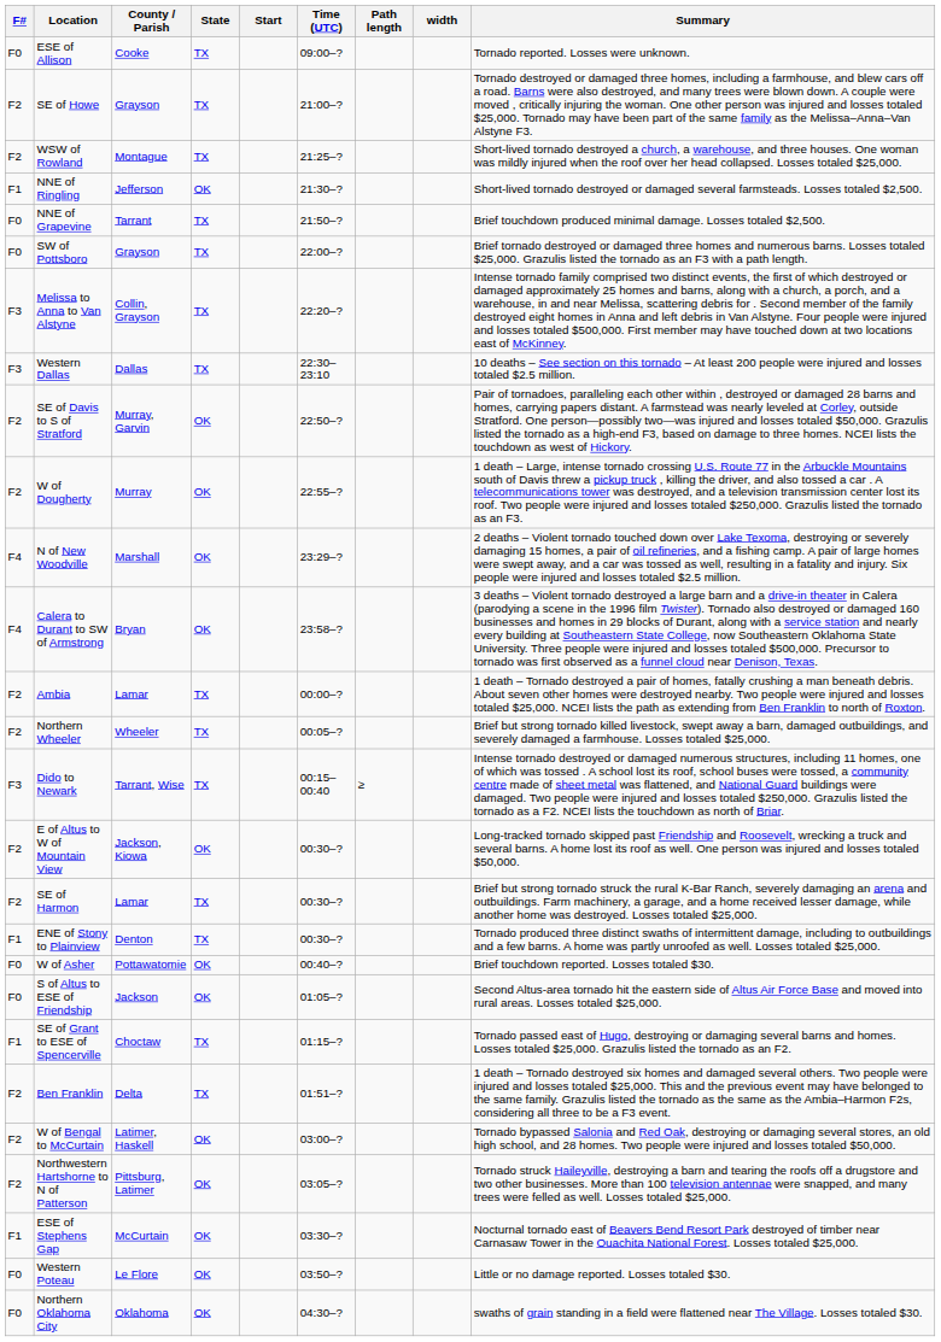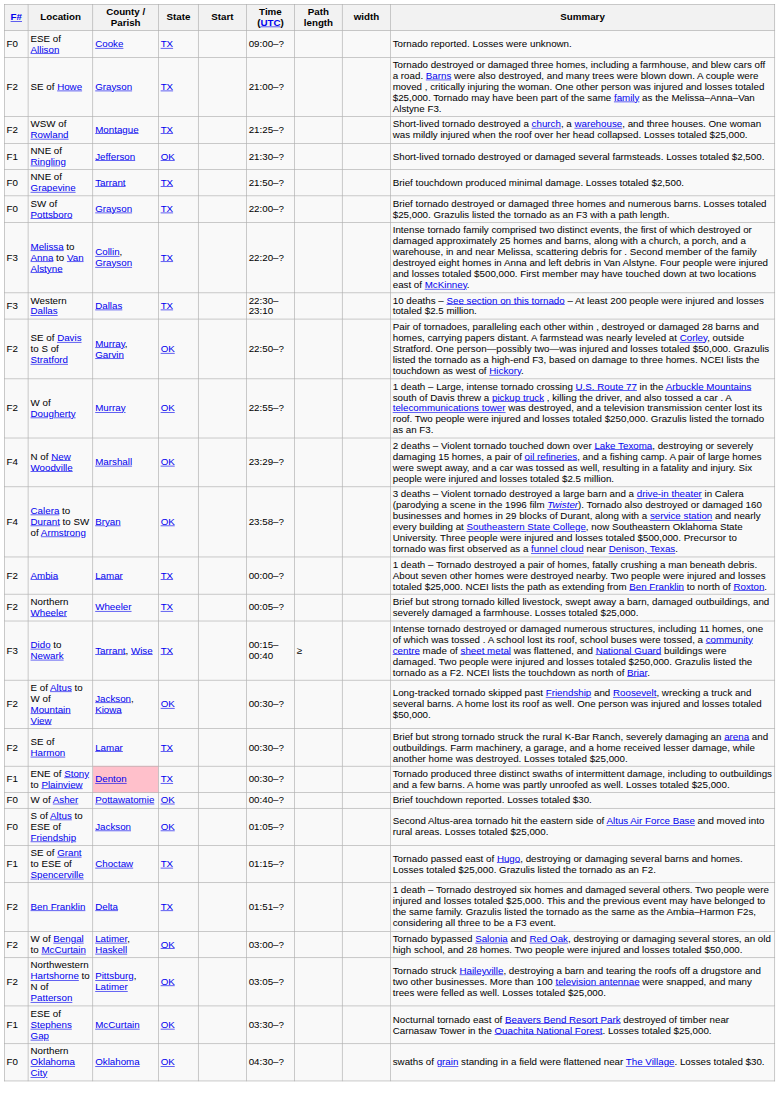 <table class="wikitable sortable" style="width:100%;">
 <tr>
 <th scope="col"  style="width:3%; text-align:center;"><a href='#'>F#</a></th>
 <th scope="col"  style="width:7%; text-align:center;" class="unsortable">Location</th>
 <th scope="col"  style="width:6%; text-align:center;" class="unsortable">County / Parish</th>
 <th scope="col"  style="width:5%; text-align:center;">State</th>
 <th scope="col"  style="width:6%; text-align:center;">Start<br></th>
 <th scope="col"  style="width:6%; text-align:center;">Time (<a href='#'>UTC</a>)</th>
 <th scope="col"  style="width:6%; text-align:center;">Path length</th>
 <th scope="col"  style="width:6%; text-align:center;"> width</th>
 <th scope="col" class="unsortable" style="width:48%; text-align:center;">Summary</th>
 </tr>
 <tr>
 <td>F0</td>
 <td>ESE of <a href='#'>Allison</a></td>
 <td><a href='#'>Cooke</a></td>
 <td><a href='#'>TX</a></td>
 <td></td>
 <td>09:00–?</td>
 <td></td>
 <td></td>
 <td>Tornado reported. Losses were unknown.</td>
 </tr>
 <tr>
 <td>F2</td>
 <td>SE of <a href='#'>Howe</a></td>
 <td><a href='#'>Grayson</a></td>
 <td><a href='#'>TX</a></td>
 <td></td>
 <td>21:00–?</td>
 <td></td>
 <td></td>
 <td>Tornado destroyed or damaged three homes, including a farmhouse, and blew cars off a road. <a href='#'>Barns</a> were also destroyed, and many trees were blown down. A couple were moved , critically injuring the woman. One other person was injured and losses totaled $25,000. Tornado may have been part of the same <a href='#'>family</a> as the Melissa–Anna–Van Alstyne F3.</td>
 </tr>
 <tr>
 <td>F2</td>
 <td>WSW of <a href='#'>Rowland</a></td>
 <td><a href='#'>Montague</a></td>
 <td><a href='#'>TX</a></td>
 <td></td>
 <td>21:25–?</td>
 <td></td>
 <td></td>
 <td>Short-lived tornado destroyed a <a href='#'>church</a>, a <a href='#'>warehouse</a>, and three houses. One woman was mildly injured when the roof over her head collapsed. Losses totaled $25,000.</td>
 </tr>
 <tr>
 <td>F1</td>
 <td>NNE of <a href='#'>Ringling</a></td>
 <td><a href='#'>Jefferson</a></td>
 <td><a href='#'>OK</a></td>
 <td></td>
 <td>21:30–?</td>
 <td></td>
 <td></td>
 <td>Short-lived tornado destroyed or damaged several farmsteads. Losses totaled $2,500.</td>
 </tr>
 <tr>
 <td>F0</td>
 <td>NNE of <a href='#'>Grapevine</a></td>
 <td><a href='#'>Tarrant</a></td>
 <td><a href='#'>TX</a></td>
 <td></td>
 <td>21:50–?</td>
 <td></td>
 <td></td>
 <td>Brief touchdown produced minimal damage. Losses totaled $2,500.</td>
 </tr>
 <tr>
 <td>F0</td>
 <td>SW of <a href='#'>Pottsboro</a></td>
 <td><a href='#'>Grayson</a></td>
 <td><a href='#'>TX</a></td>
 <td></td>
 <td>22:00–?</td>
 <td></td>
 <td></td>
 <td>Brief tornado destroyed or damaged three homes and numerous barns. Losses totaled $25,000. Grazulis listed the tornado as an F3 with a  path length.</td>
 </tr>
 <tr>
 <td>F3</td>
 <td><a href='#'>Melissa</a> to <a href='#'>Anna</a> to <a href='#'>Van Alstyne</a></td>
 <td><a href='#'>Collin</a>, <a href='#'>Grayson</a></td>
 <td><a href='#'>TX</a></td>
 <td></td>
 <td>22:20–?</td>
 <td></td>
 <td></td>
 <td>Intense tornado family comprised two distinct events, the first of which destroyed or damaged approximately 25 homes and barns, along with a church, a porch, and a warehouse, in and near Melissa, scattering debris for . Second member of the family destroyed eight homes in Anna and left debris in Van Alstyne. Four people were injured and losses totaled $500,000. First member may have touched down at two locations east of <a href='#'>McKinney</a>.</td>
 </tr>
 <tr>
 <td>F3</td>
 <td>Western <a href='#'>Dallas</a></td>
 <td><a href='#'>Dallas</a></td>
 <td><a href='#'>TX</a></td>
 <td></td>
 <td>22:30–23:10</td>
 <td></td>
 <td></td>
 <td>10 deaths – <a href='#'>See section on this tornado</a> – At least 200 people were injured and losses totaled $2.5 million.</td>
 </tr>
 <tr>
 <td>F2</td>
 <td>SE of <a href='#'>Davis</a> to S of <a href='#'>Stratford</a></td>
 <td><a href='#'>Murray</a>, <a href='#'>Garvin</a></td>
 <td><a href='#'>OK</a></td>
 <td></td>
 <td>22:50–?</td>
 <td></td>
 <td></td>
 <td>Pair of tornadoes, paralleling each other within , destroyed or damaged 28 barns and homes, carrying papers  distant. A farmstead was nearly leveled at <a href='#'>Corley</a>,  outside Stratford. One person—possibly two—was injured and losses totaled $50,000. Grazulis listed the tornado as a high-end F3, based on damage to three homes. NCEI lists the touchdown as west of <a href='#'>Hickory</a>.</td>
 </tr>
 <tr>
 <td>F2</td>
 <td>W of <a href='#'>Dougherty</a></td>
 <td><a href='#'>Murray</a></td>
 <td><a href='#'>OK</a></td>
 <td></td>
 <td>22:55–?</td>
 <td></td>
 <td></td>
 <td>1 death – Large, intense tornado crossing <a href='#'>U.S. Route 77</a> in the <a href='#'>Arbuckle Mountains</a> south of Davis threw a <a href='#'>pickup truck</a> , killing the driver, and also tossed a car . A  <a href='#'>telecommunications tower</a> was destroyed, and a television transmission center lost its roof. Two people were injured and losses totaled $250,000. Grazulis listed the tornado as an F3.</td>
 </tr>
 <tr>
 <td>F4</td>
 <td>N of <a href='#'>New Woodville</a></td>
 <td><a href='#'>Marshall</a></td>
 <td><a href='#'>OK</a></td>
 <td></td>
 <td>23:29–?</td>
 <td></td>
 <td></td>
 <td>2 deaths – Violent tornado touched down over <a href='#'>Lake Texoma</a>, destroying or severely damaging 15 homes, a pair of <a href='#'>oil refineries</a>, and a fishing camp. A pair of large homes were swept away, and a car was tossed  as well, resulting in a fatality and injury. Six people were injured and losses totaled $2.5 million.</td>
 </tr>
 <tr>
 <td>F4</td>
 <td><a href='#'>Calera</a> to <a href='#'>Durant</a> to SW of <a href='#'>Armstrong</a></td>
 <td><a href='#'>Bryan</a></td>
 <td><a href='#'>OK</a></td>
 <td></td>
 <td>23:58–?</td>
 <td></td>
 <td></td>
 <td>3 deaths – Violent tornado destroyed a large barn and a <a href='#'>drive-in theater</a> in Calera (parodying a scene in the 1996 film <em><a href='#'>Twister</a></em>). Tornado also destroyed or damaged 160 businesses and homes in 29 blocks of Durant, along with a <a href='#'>service station</a> and nearly every building at <a href='#'>Southeastern State College</a>, now Southeastern Oklahoma State University. Three people were injured and losses totaled $500,000. Precursor to tornado was first observed as a <a href='#'>funnel cloud</a> near <a href='#'>Denison, Texas</a>.</td>
 </tr>
 <tr>
 <td>F2</td>
 <td><a href='#'>Ambia</a></td>
 <td><a href='#'>Lamar</a></td>
 <td><a href='#'>TX</a></td>
 <td></td>
 <td>00:00–?</td>
 <td></td>
 <td></td>
 <td>1 death – Tornado destroyed a pair of homes, fatally crushing a man beneath debris. About seven other homes were destroyed nearby. Two people were injured and losses totaled $25,000. NCEI lists the path as extending from <a href='#'>Ben Franklin</a> to north of <a href='#'>Roxton</a>.</td>
 </tr>
 <tr>
 <td>F2</td>
 <td>Northern <a href='#'>Wheeler</a></td>
 <td><a href='#'>Wheeler</a></td>
 <td><a href='#'>TX</a></td>
 <td></td>
 <td>00:05–?</td>
 <td></td>
 <td></td>
 <td>Brief but strong tornado killed livestock, swept away a barn, damaged outbuildings, and severely damaged a farmhouse. Losses totaled $25,000.</td>
 </tr>
 <tr>
 <td>F3</td>
 <td><a href='#'>Dido</a> to <a href='#'>Newark</a></td>
 <td><a href='#'>Tarrant</a>, <a href='#'>Wise</a></td>
 <td><a href='#'>TX</a></td>
 <td></td>
 <td>00:15–00:40</td>
 <td>≥</td>
 <td></td>
 <td>Intense tornado destroyed or damaged numerous structures, including 11 homes, one of which was tossed . A school lost its roof, school buses were tossed, a <a href='#'>community centre</a> made of <a href='#'>sheet metal</a> was flattened, and <a href='#'>National Guard</a> buildings were damaged. Two people were injured and losses totaled $250,000. Grazulis listed the tornado as a  F2. NCEI lists the touchdown as north of <a href='#'>Briar</a>.</td>
 </tr>
 <tr>
 <td>F2</td>
 <td>E of <a href='#'>Altus</a> to W of <a href='#'>Mountain View</a></td>
 <td><a href='#'>Jackson</a>, <a href='#'>Kiowa</a></td>
 <td><a href='#'>OK</a></td>
 <td></td>
 <td>00:30–?</td>
 <td></td>
 <td></td>
 <td>Long-tracked tornado skipped past <a href='#'>Friendship</a> and <a href='#'>Roosevelt</a>, wrecking a truck and several barns. A home lost its roof as well. One person was injured and losses totaled $50,000.</td>
 </tr>
 <tr>
 <td>F2</td>
 <td>SE of <a href='#'>Harmon</a></td>
 <td><a href='#'>Lamar</a></td>
 <td><a href='#'>TX</a></td>
 <td></td>
 <td>00:30–?</td>
 <td></td>
 <td></td>
 <td>Brief but strong tornado struck the rural K-Bar Ranch, severely damaging an <a href='#'>arena</a> and outbuildings. Farm machinery, a garage, and a home received lesser damage, while another home was destroyed. Losses totaled $25,000.</td>
 </tr>
 <tr>
 <td>F1</td>
 <td>ENE of <a href='#'>Stony</a> to <a href='#'>Plainview</a></td>
-<td><a href='#'>Denton</a></td>
+<td style="background: pink;"><a href='#'>Denton</a></td>
 <td><a href='#'>TX</a></td>
 <td></td>
 <td>00:30–?</td>
 <td></td>
 <td></td>
 <td>Tornado produced three distinct swaths of intermittent damage, including to outbuildings and a few barns. A home was partly unroofed as well. Losses totaled $25,000.</td>
 </tr>
 <tr>
 <td>F0</td>
 <td>W of <a href='#'>Asher</a></td>
 <td><a href='#'>Pottawatomie</a></td>
 <td><a href='#'>OK</a></td>
 <td></td>
 <td>00:40–?</td>
 <td></td>
 <td></td>
 <td>Brief touchdown reported. Losses totaled $30.</td>
 </tr>
 <tr>
 <td>F0</td>
 <td>S of <a href='#'>Altus</a> to ESE of <a href='#'>Friendship</a></td>
 <td><a href='#'>Jackson</a></td>
 <td><a href='#'>OK</a></td>
 <td></td>
 <td>01:05–?</td>
 <td></td>
 <td></td>
 <td>Second Altus-area tornado hit the eastern side of <a href='#'>Altus Air Force Base</a> and moved into rural areas. Losses totaled $25,000.</td>
 </tr>
 <tr>
 <td>F1</td>
 <td>SE of <a href='#'>Grant</a> to ESE of <a href='#'>Spencerville</a></td>
 <td><a href='#'>Choctaw</a></td>
 <td><a href='#'>TX</a></td>
 <td></td>
 <td>01:15–?</td>
 <td></td>
 <td></td>
 <td>Tornado passed east of <a href='#'>Hugo</a>, destroying or damaging several barns and homes. Losses totaled $25,000. Grazulis listed the tornado as an F2.</td>
 </tr>
 <tr>
 <td>F2</td>
 <td><a href='#'>Ben Franklin</a></td>
 <td><a href='#'>Delta</a></td>
 <td><a href='#'>TX</a></td>
 <td></td>
 <td>01:51–?</td>
 <td></td>
 <td></td>
 <td>1 death – Tornado destroyed six homes and damaged several others. Two people were injured and losses totaled $25,000. This and the previous event may have belonged to the same family. Grazulis listed the tornado as the same as the Ambia–Harmon F2s, considering all three to be a  F3 event.</td>
 </tr>
 <tr>
 <td>F2</td>
 <td>W of <a href='#'>Bengal</a> to <a href='#'>McCurtain</a></td>
 <td><a href='#'>Latimer</a>, <a href='#'>Haskell</a></td>
 <td><a href='#'>OK</a></td>
 <td></td>
 <td>03:00–?</td>
 <td></td>
 <td></td>
 <td>Tornado bypassed <a href='#'>Salonia</a> and <a href='#'>Red Oak</a>, destroying or damaging several stores, an old high school, and 28 homes. Two people were injured and losses totaled $50,000.</td>
 </tr>
 <tr>
 <td>F2</td>
 <td>Northwestern <a href='#'>Hartshorne</a> to N of <a href='#'>Patterson</a></td>
 <td><a href='#'>Pittsburg</a>, <a href='#'>Latimer</a></td>
 <td><a href='#'>OK</a></td>
 <td></td>
 <td>03:05–?</td>
 <td></td>
 <td></td>
 <td>Tornado struck <a href='#'>Haileyville</a>, destroying a barn and tearing the roofs off a drugstore and two other businesses. More than 100 <a href='#'>television antennae</a> were snapped, and many trees were felled as well. Losses totaled $25,000.</td>
 </tr>
 <tr>
 <td>F1</td>
 <td>ESE of <a href='#'>Stephens Gap</a></td>
 <td><a href='#'>McCurtain</a></td>
 <td><a href='#'>OK</a></td>
 <td></td>
 <td>03:30–?</td>
 <td></td>
 <td></td>
 <td>Nocturnal tornado east of <a href='#'>Beavers Bend Resort Park</a> destroyed  of timber near Carnasaw Tower in the <a href='#'>Ouachita National Forest</a>. Losses totaled $25,000.</td>
 </tr>
 <tr>
 <td>F0</td>
-<td>Western <a href='#'>Poteau</a></td>
-<td><a href='#'>Le Flore</a></td>
-<td><a href='#'>OK</a></td>
-<td></td>
-<td>03:50–?</td>
-<td></td>
-<td></td>
-<td>Little or no damage reported. Losses totaled $30.</td>
-</tr>
-<tr>
-<td>F0</td>
 <td>Northern <a href='#'>Oklahoma City</a></td>
 <td><a href='#'>Oklahoma</a></td>
 <td><a href='#'>OK</a></td>
 <td></td>
 <td>04:30–?</td>
 <td></td>
 <td></td>
 <td> swaths of <a href='#'>grain</a> standing in a field were flattened near <a href='#'>The Village</a>. Losses totaled $30.</td>
 </tr>
 </table>
